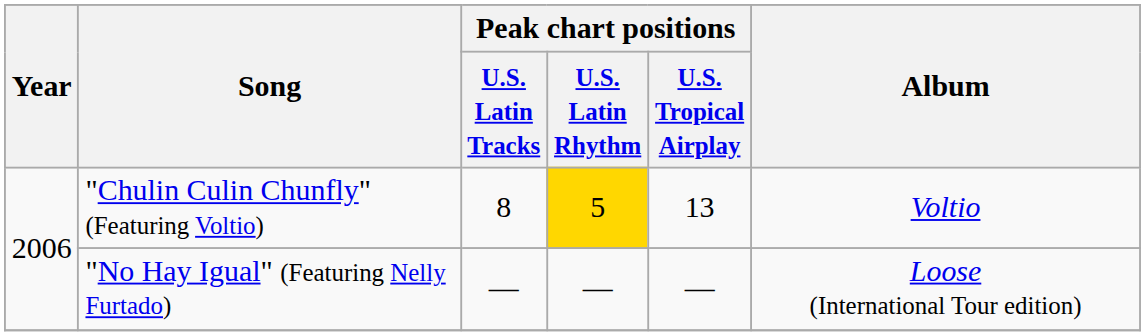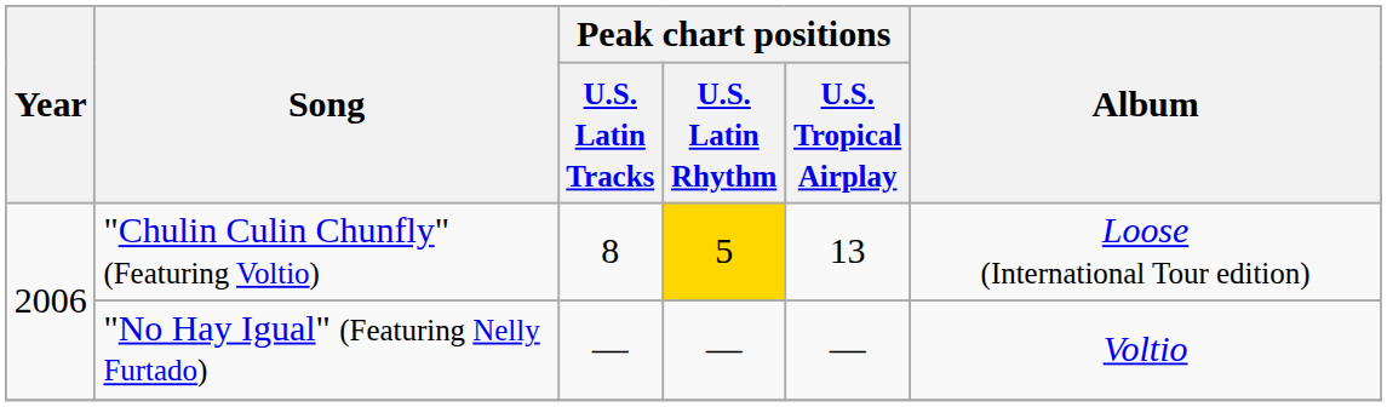 <table class="wikitable" style="text-align:center;">
 <tr>
 <th rowspan="2">Year</th>
 <th rowspan="2" width="250px">Song</th>
 <th colspan="3">Peak chart positions</th>
 <th width="250" rowspan="2">Album</th>
 </tr>
 <tr>
 <th width="20"><small><a href='#'>U.S. Latin Tracks</a></small></th>
 <th width="20"><small><a href='#'>U.S. Latin Rhythm</a></small></th>
 <th width="20"><small><a href='#'>U.S. Tropical Airplay</a></small></th>
 </tr>
 <tr>
 <td rowspan="2">2006</td>
 <td style="text-align:left;">"<a href='#'>Chulin Culin Chunfly</a>" <small>(Featuring <a href='#'>Voltio</a>)</small></td>
 <td>8</td>
 <td style="background: gold;">5</td>
 <td>13</td>
-<td><em><a href='#'>Voltio</a></em></td>
+<td><em><a href='#'>Loose</a></em> <br><small>(International Tour edition)</small></td>
 </tr>
 <tr>
 <td style="text-align:left;">"<a href='#'>No Hay Igual</a>" <small>(Featuring <a href='#'>Nelly Furtado</a>)</small></td>
 <td>—</td>
 <td>—</td>
 <td>—</td>
-<td><em><a href='#'>Loose</a></em> <br><small>(International Tour edition)</small></td>
+<td><em><a href='#'>Voltio</a></em></td>
 </tr>
 <tr>
 </tr>
 </table>
